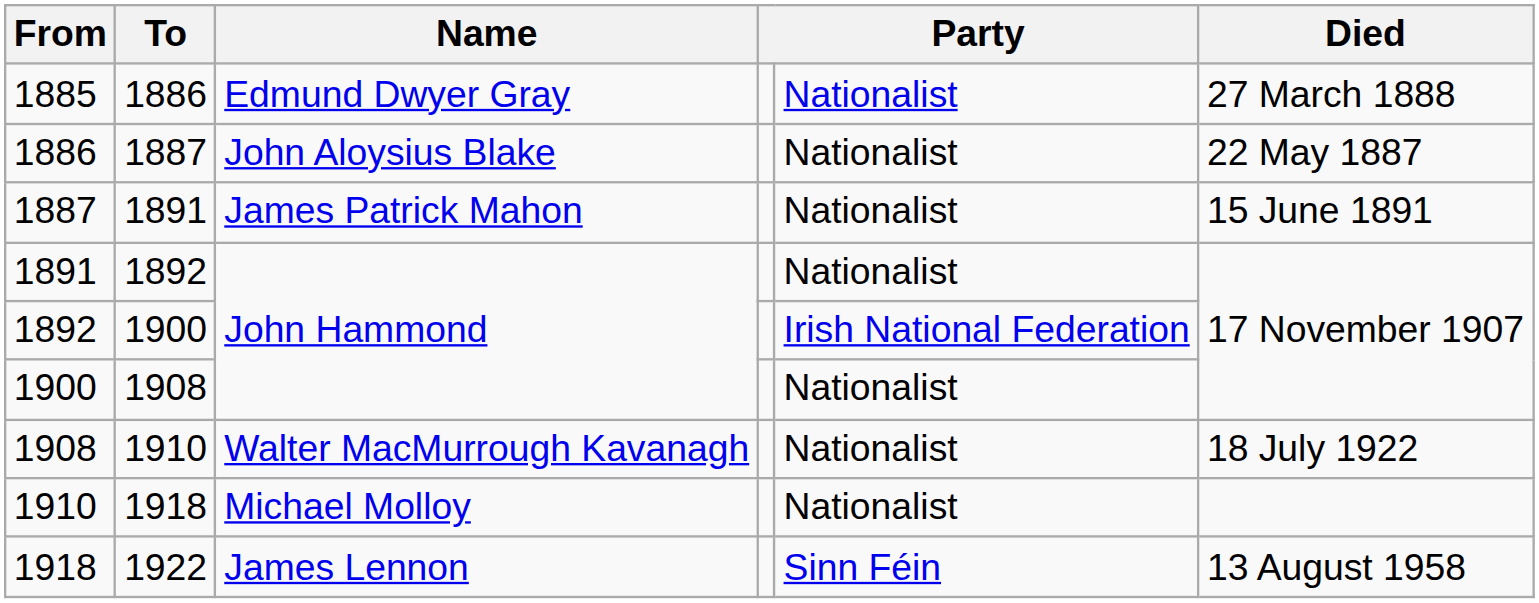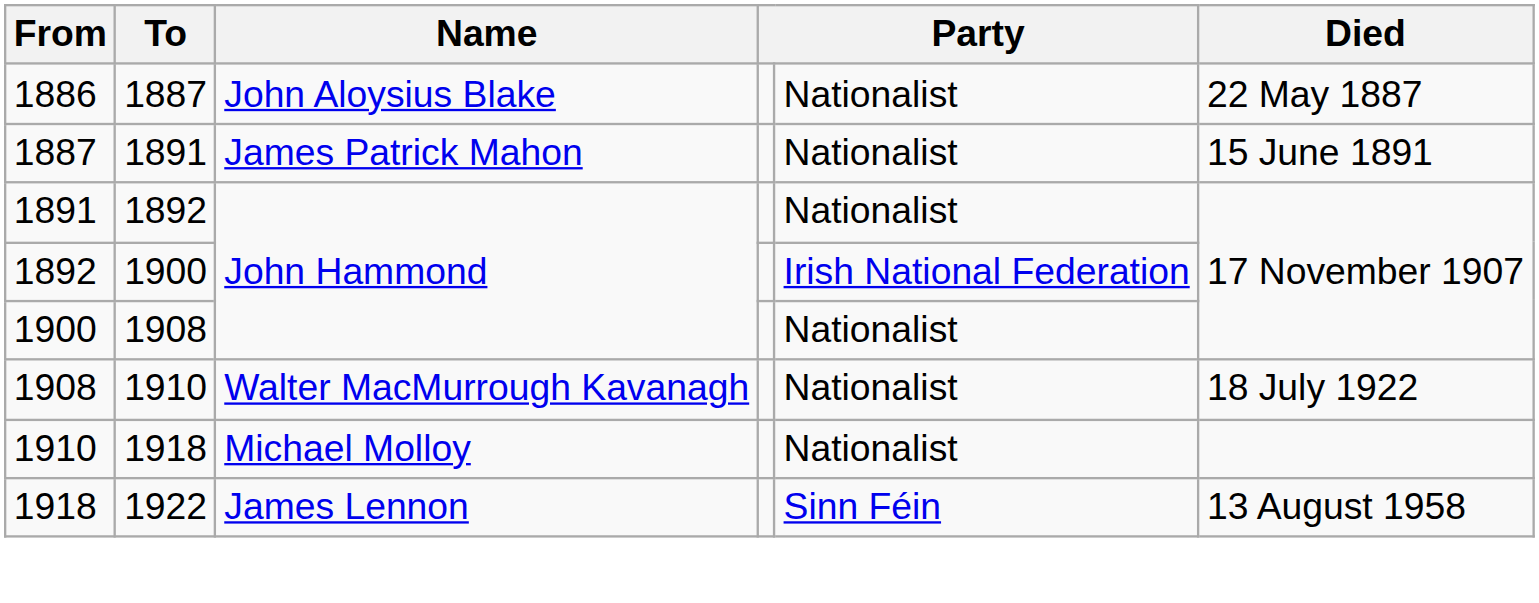 <table class=wikitable>
 <tr>
 <th>From</th>
 <th>To</th>
 <th>Name</th>
 <th colspan=2>Party</th>
 <th>Died</th>
-</tr>
-<tr>
-<td>1885</td>
-<td>1886</td>
-<td><a href='#'>Edmund Dwyer Gray</a></td>
-<td style="color:inherit;background-color: "></td>
-<td><a href='#'>Nationalist</a></td>
-<td>27 March 1888</td>
 </tr>
 <tr>
 <td>1886</td>
 <td>1887</td>
 <td><a href='#'>John Aloysius Blake</a></td>
 <td style="color:inherit;background-color: "></td>
 <td>Nationalist</td>
 <td>22 May 1887</td>
 </tr>
 <tr>
 <td>1887</td>
 <td>1891</td>
 <td><a href='#'>James Patrick Mahon</a></td>
 <td style="color:inherit;background-color: "></td>
 <td>Nationalist</td>
 <td>15 June 1891</td>
 </tr>
 <tr>
 <td>1891</td>
 <td>1892</td>
 <td rowspan=3><a href='#'>John Hammond</a></td>
 <td style="color:inherit;background-color: "></td>
 <td>Nationalist</td>
 <td rowspan=3>17 November 1907</td>
 </tr>
 <tr>
 <td>1892</td>
 <td>1900</td>
 <td style="color:inherit;background-color: "></td>
 <td><a href='#'>Irish National Federation</a></td>
 </tr>
 <tr>
 <td>1900</td>
 <td>1908</td>
 <td style="color:inherit;background-color: "></td>
 <td>Nationalist</td>
 </tr>
 <tr>
 <td>1908</td>
 <td>1910</td>
 <td><a href='#'>Walter MacMurrough Kavanagh</a></td>
 <td style="color:inherit;background-color: "></td>
 <td>Nationalist</td>
 <td>18 July 1922</td>
 </tr>
 <tr>
 <td>1910</td>
 <td>1918</td>
 <td><a href='#'>Michael Molloy</a></td>
 <td style="color:inherit;background-color: "></td>
 <td>Nationalist</td>
 <td></td>
 </tr>
 <tr>
 <td>1918</td>
 <td>1922</td>
 <td><a href='#'>James Lennon</a></td>
 <td style="color:inherit;background-color: "></td>
 <td><a href='#'>Sinn Féin</a></td>
 <td>13 August 1958</td>
 </tr>
 </table>
